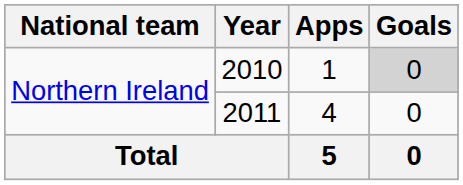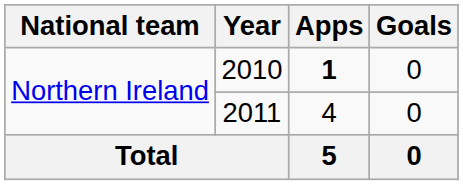 <table class=wikitable style="text-align: center">
 <tr>
 <th>National team</th>
 <th>Year</th>
 <th>Apps</th>
 <th>Goals</th>
 </tr>
 <tr>
 <td rowspan=2><a href='#'>Northern Ireland</a></td>
 <td>2010</td>
-<td>1</td>
-<td style="background: lightgrey;">0</td>
+<td><strong>1</strong></td>
+<td>0</td>
 </tr>
 <tr>
 <td>2011</td>
 <td>4</td>
 <td>0</td>
 </tr>
 <tr>
 <th colspan=2>Total</th>
 <th>5</th>
 <th>0</th>
 </tr>
 </table>
